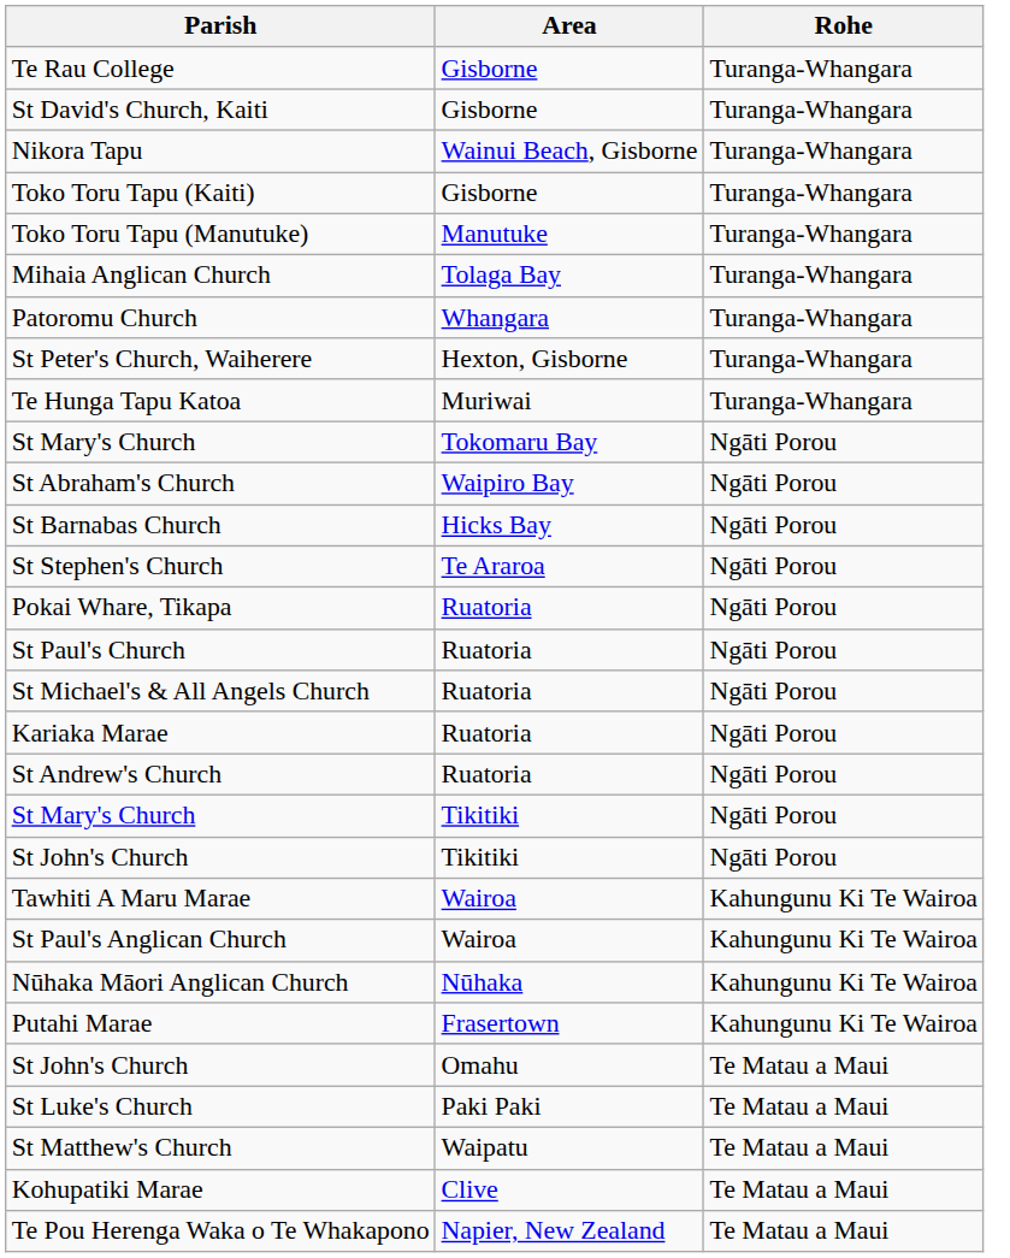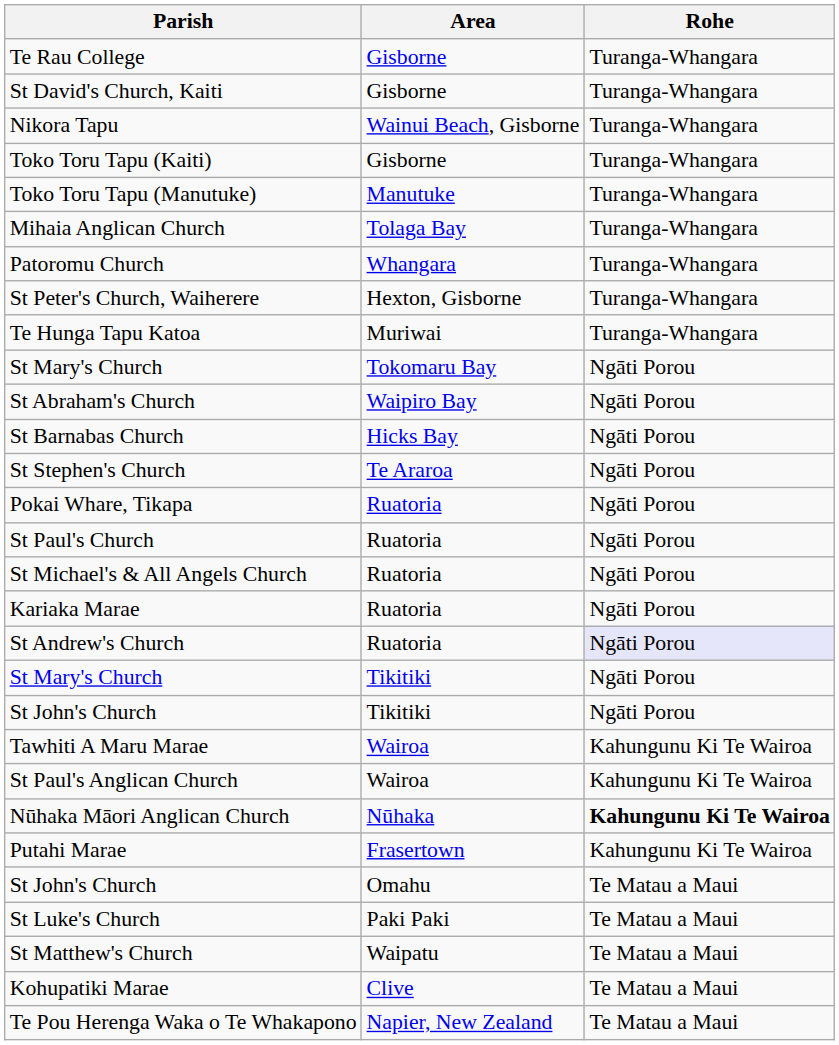 <table class="wikitable sortable">
 <tr>
 <th>Parish</th>
 <th>Area</th>
 <th>Rohe</th>
 </tr>
 <tr>
 <td>Te Rau College</td>
 <td><a href='#'>Gisborne</a></td>
 <td>Turanga-Whangara</td>
 </tr>
 <tr>
 <td>St David's Church, Kaiti</td>
 <td>Gisborne</td>
 <td>Turanga-Whangara</td>
 </tr>
 <tr>
 <td>Nikora Tapu</td>
 <td><a href='#'>Wainui Beach</a>, Gisborne</td>
 <td>Turanga-Whangara</td>
 </tr>
 <tr>
 <td>Toko Toru Tapu (Kaiti)</td>
 <td>Gisborne</td>
 <td>Turanga-Whangara</td>
 </tr>
 <tr>
 <td>Toko Toru Tapu (Manutuke)</td>
 <td><a href='#'>Manutuke</a></td>
 <td>Turanga-Whangara</td>
 </tr>
 <tr>
 <td>Mihaia Anglican Church</td>
 <td><a href='#'>Tolaga Bay</a></td>
 <td>Turanga-Whangara</td>
 </tr>
 <tr>
 <td>Patoromu Church</td>
 <td><a href='#'>Whangara</a></td>
 <td>Turanga-Whangara</td>
 </tr>
 <tr>
 <td>St Peter's Church, Waiherere</td>
 <td>Hexton, Gisborne</td>
 <td>Turanga-Whangara</td>
 </tr>
 <tr>
 <td>Te Hunga Tapu Katoa</td>
 <td>Muriwai</td>
 <td>Turanga-Whangara</td>
 </tr>
 <tr>
 <td>St Mary's Church</td>
 <td><a href='#'>Tokomaru Bay</a></td>
 <td>Ngāti Porou</td>
 </tr>
 <tr>
 <td>St Abraham's Church</td>
 <td><a href='#'>Waipiro Bay</a></td>
 <td>Ngāti Porou</td>
 </tr>
 <tr>
 <td>St Barnabas Church</td>
 <td><a href='#'>Hicks Bay</a></td>
 <td>Ngāti Porou</td>
 </tr>
 <tr>
 <td>St Stephen's Church</td>
 <td><a href='#'>Te Araroa</a></td>
 <td>Ngāti Porou</td>
 </tr>
 <tr>
 <td>Pokai Whare, Tikapa</td>
 <td><a href='#'>Ruatoria</a></td>
 <td>Ngāti Porou</td>
 </tr>
 <tr>
 <td>St Paul's Church</td>
 <td>Ruatoria</td>
 <td>Ngāti Porou</td>
 </tr>
 <tr>
 <td>St Michael's & All Angels Church</td>
 <td>Ruatoria</td>
 <td>Ngāti Porou</td>
 </tr>
 <tr>
 <td>Kariaka Marae</td>
 <td>Ruatoria</td>
 <td>Ngāti Porou</td>
 </tr>
 <tr>
 <td>St Andrew's Church</td>
 <td>Ruatoria</td>
-<td>Ngāti Porou</td>
+<td style="background: lavender;">Ngāti Porou</td>
 </tr>
 <tr>
 <td><a href='#'>St Mary's Church</a></td>
 <td><a href='#'>Tikitiki</a></td>
 <td>Ngāti Porou</td>
 </tr>
 <tr>
 <td>St John's Church</td>
 <td>Tikitiki</td>
 <td>Ngāti Porou</td>
 </tr>
 <tr>
 <td>Tawhiti A Maru Marae</td>
 <td><a href='#'>Wairoa</a></td>
 <td>Kahungunu Ki Te Wairoa</td>
 </tr>
 <tr>
 <td>St Paul's Anglican Church</td>
 <td>Wairoa</td>
 <td>Kahungunu Ki Te Wairoa</td>
 </tr>
 <tr>
 <td>Nūhaka Māori Anglican Church</td>
 <td><a href='#'>Nūhaka</a></td>
-<td>Kahungunu Ki Te Wairoa</td>
+<td><strong>Kahungunu Ki Te Wairoa</strong></td>
 </tr>
 <tr>
 <td>Putahi Marae</td>
 <td><a href='#'>Frasertown</a></td>
 <td>Kahungunu Ki Te Wairoa</td>
 </tr>
 <tr>
 <td>St John's Church</td>
 <td>Omahu</td>
 <td>Te Matau a Maui</td>
 </tr>
 <tr>
 <td>St Luke's Church</td>
 <td>Paki Paki</td>
 <td>Te Matau a Maui</td>
 </tr>
 <tr>
 <td>St Matthew's Church</td>
 <td>Waipatu</td>
 <td>Te Matau a Maui</td>
 </tr>
 <tr>
 <td>Kohupatiki Marae</td>
 <td><a href='#'>Clive</a></td>
 <td>Te Matau a Maui</td>
 </tr>
 <tr>
 <td>Te Pou Herenga Waka o Te Whakapono</td>
 <td><a href='#'>Napier, New Zealand</a></td>
 <td>Te Matau a Maui</td>
 </tr>
 </table>
